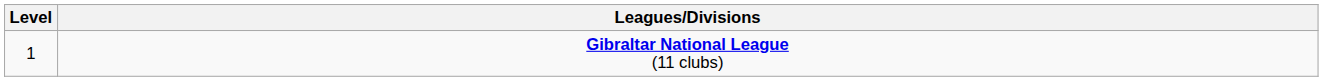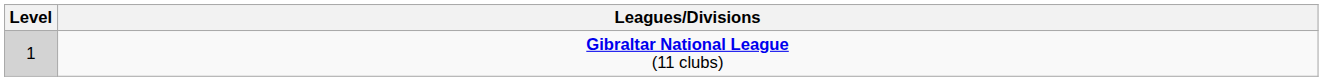 <table class="wikitable" style="text-align:center; width:100%;">
 <tr>
 <th>Level</th>
 <th colspan="4" width="96%">Leagues/Divisions</th>
 </tr>
 <tr>
-<td colspan="1" width="4%">1</td>
+<td colspan="1" width="4%" style="background: lightgrey;">1</td>
 <td colspan="7" width="96%"><strong><a href='#'>Gibraltar National League</a></strong><br>(11 clubs)</td>
 </tr>
 </table>
